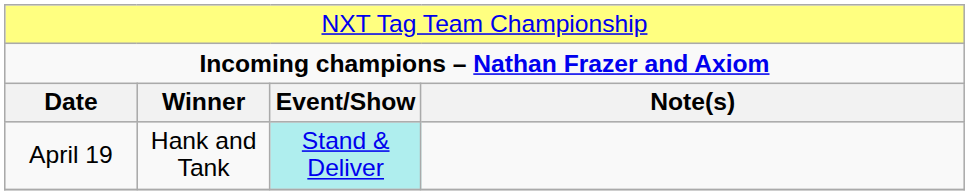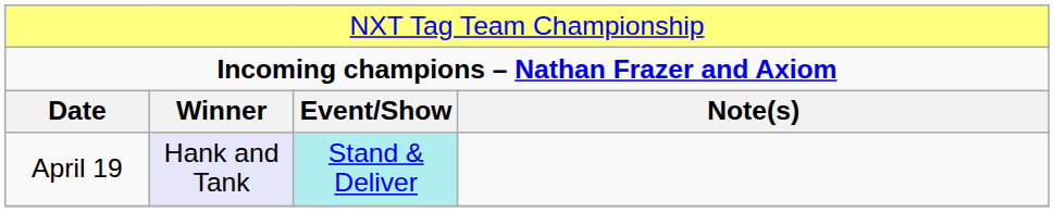 <table class="wikitable" style="text-align:center; width:100%;">
 <tr style="background:#FFFF80;">
 <td colspan="4" style="text-align: center;"><a href='#'>NXT Tag Team Championship</a></td>
 </tr>
 <tr>
 <td colspan="4" style="text-align: center;"><strong>Incoming champions – <a href='#'>Nathan Frazer and Axiom</a></strong></td>
 </tr>
 <tr>
 <th width="14%">Date</th>
 <th width="14%">Winner</th>
 <th width="14%">Event/Show</th>
 <th width="58%">Note(s)</th>
 </tr>
 <tr>
 <td>April 19</td>
-<td>Hank and Tank<br></td>
+<td style="background: lavender;">Hank and Tank<br></td>
 <td style="background: paleturquoise;"><a href='#'>Stand & Deliver</a></td>
 <td></td>
 </tr>
 <tr>
 </tr>
 </table>
